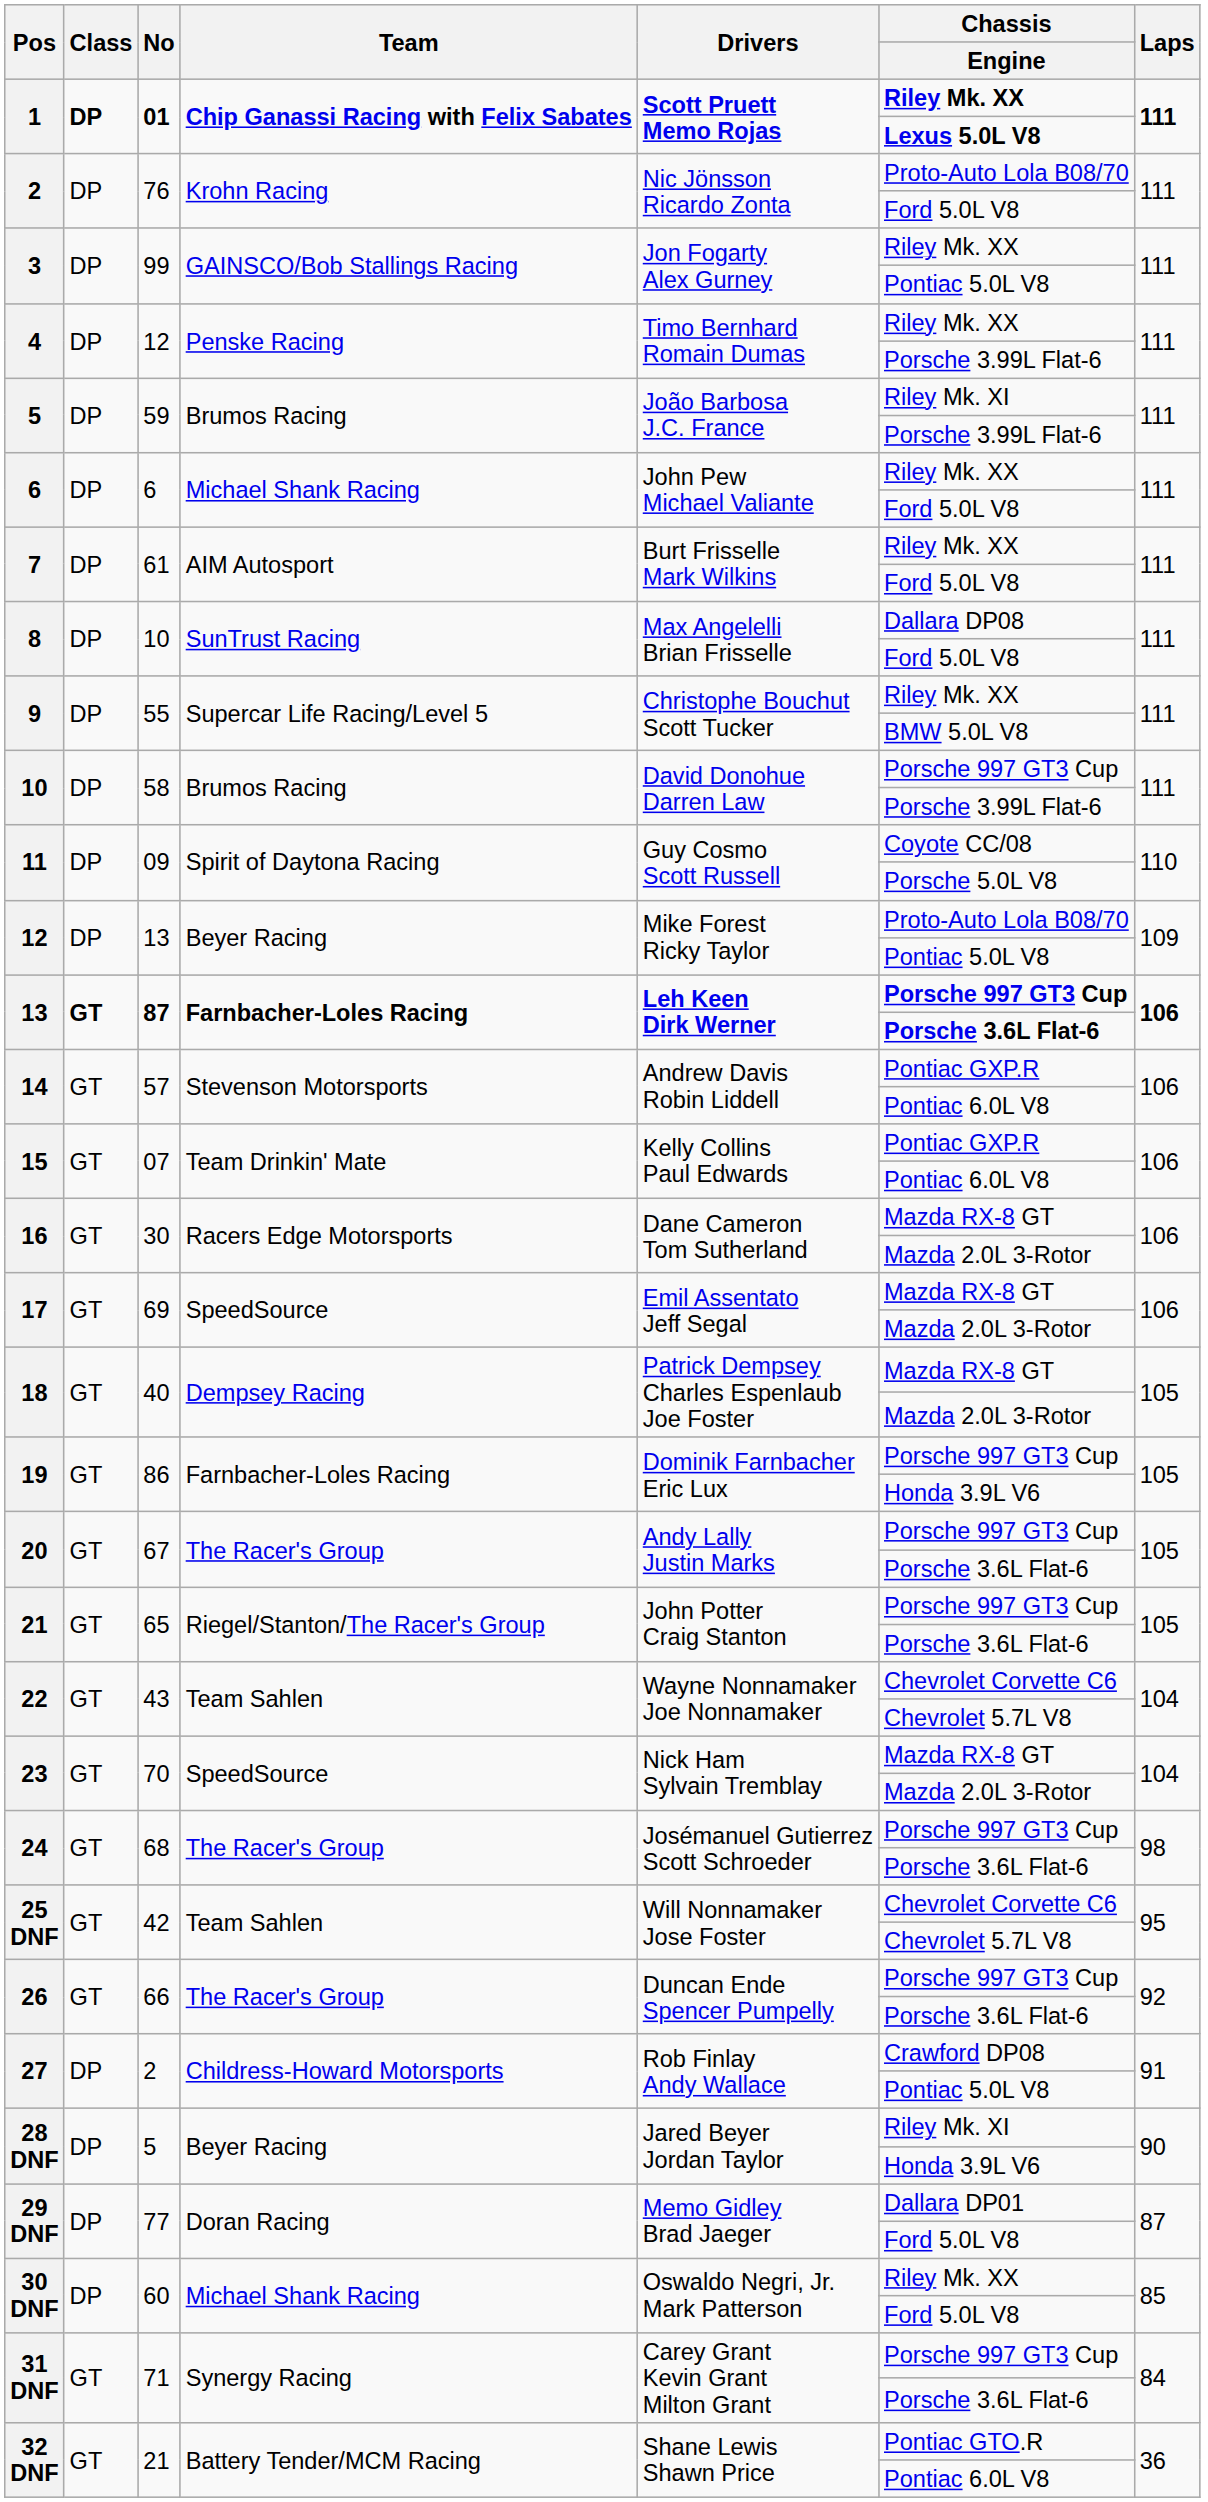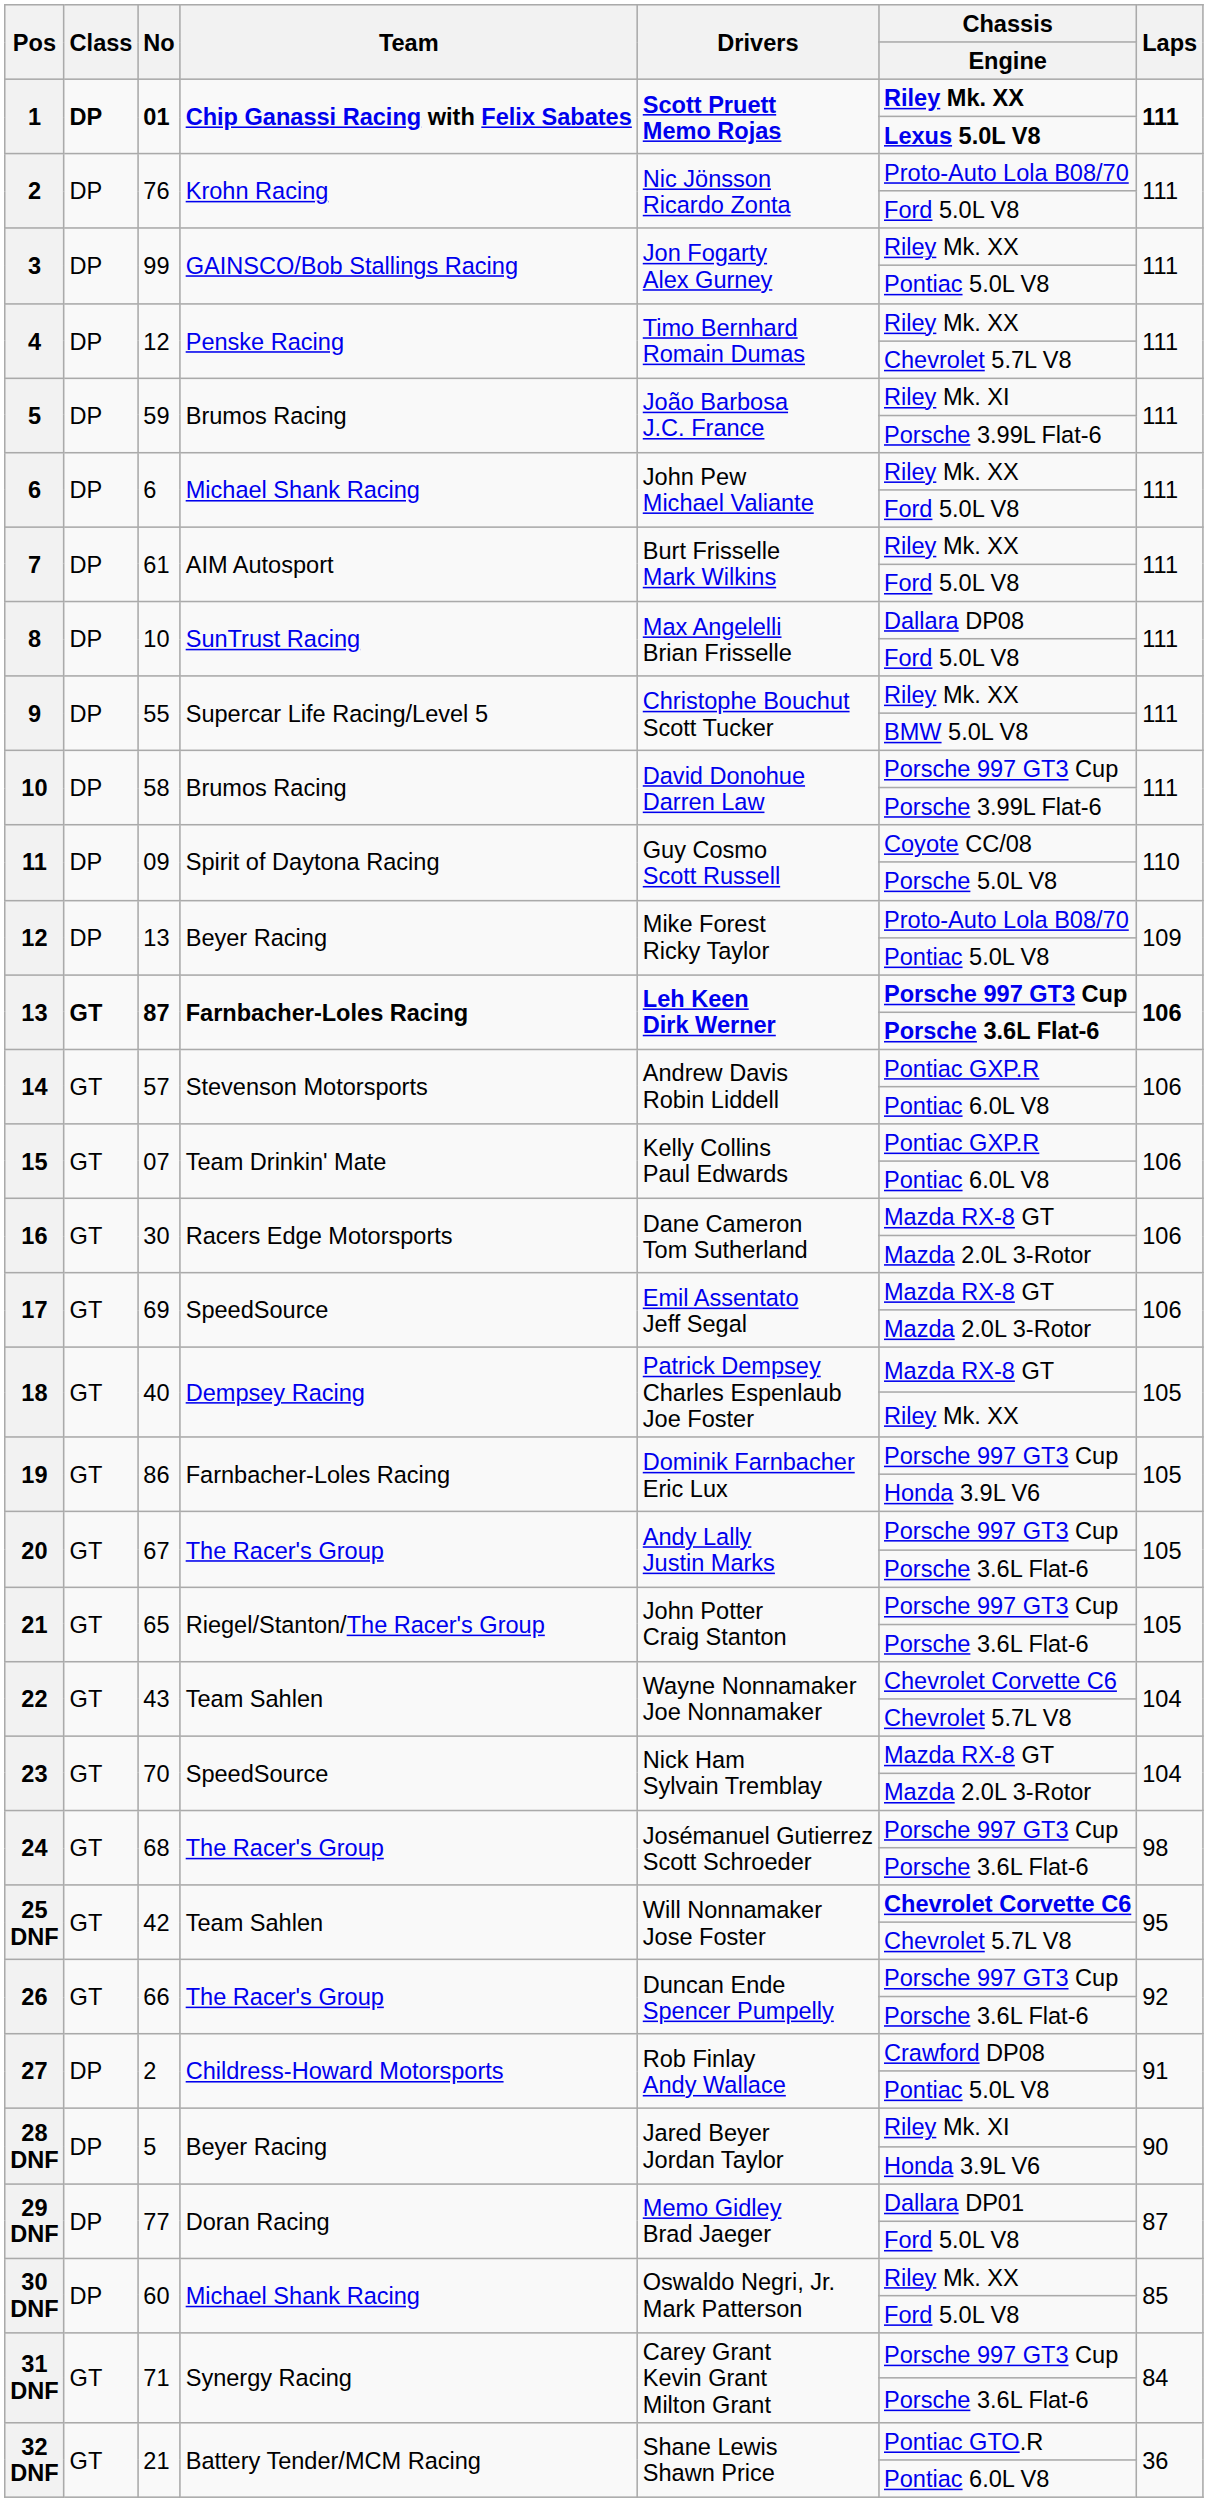 <table class="wikitable" style="font-size: 95%;">
 <tr>
 <th rowspan=2>Pos</th>
 <th rowspan=2>Class</th>
 <th rowspan=2>No</th>
 <th rowspan=2>Team</th>
 <th rowspan=2>Drivers</th>
 <th>Chassis</th>
 <th rowspan=2>Laps</th>
 </tr>
 <tr>
 <th>Engine</th>
 </tr>
 <tr style="font-weight:bold">
 <th rowspan=2>1</th>
 <td rowspan=2>DP</td>
 <td rowspan=2>01</td>
 <td rowspan=2><a href='#'>Chip Ganassi Racing</a> with <a href='#'>Felix Sabates</a></td>
 <td rowspan=2> <a href='#'>Scott Pruett</a><br> <a href='#'>Memo Rojas</a></td>
 <td><a href='#'>Riley</a> Mk. XX</td>
 <td rowspan=2>111</td>
 </tr>
 <tr style="font-weight:bold">
 <td><a href='#'>Lexus</a> 5.0L V8</td>
 </tr>
 <tr>
 <th rowspan=2>2</th>
 <td rowspan=2>DP</td>
 <td rowspan=2>76</td>
 <td rowspan=2><a href='#'>Krohn Racing</a></td>
 <td rowspan=2> <a href='#'>Nic Jönsson</a><br> <a href='#'>Ricardo Zonta</a></td>
 <td><a href='#'>Proto-Auto Lola B08/70</a></td>
 <td rowspan=2>111</td>
 </tr>
 <tr>
 <td><a href='#'>Ford</a> 5.0L V8</td>
 </tr>
 <tr>
 <th rowspan=2>3</th>
 <td rowspan=2>DP</td>
 <td rowspan=2>99</td>
 <td rowspan=2><a href='#'>GAINSCO/Bob Stallings Racing</a></td>
 <td rowspan=2> <a href='#'>Jon Fogarty</a><br> <a href='#'>Alex Gurney</a></td>
 <td><a href='#'>Riley</a> Mk. XX</td>
 <td rowspan=2>111</td>
 </tr>
 <tr>
 <td><a href='#'>Pontiac</a> 5.0L V8</td>
 </tr>
 <tr>
 <th rowspan=2>4</th>
 <td rowspan=2>DP</td>
 <td rowspan=2>12</td>
 <td rowspan=2><a href='#'>Penske Racing</a></td>
 <td rowspan=2> <a href='#'>Timo Bernhard</a><br> <a href='#'>Romain Dumas</a></td>
 <td><a href='#'>Riley</a> Mk. XX</td>
 <td rowspan=2>111</td>
 </tr>
 <tr>
-<td><a href='#'>Porsche</a> 3.99L Flat-6</td>
+<td><a href='#'>Chevrolet</a> 5.7L V8</td>
 </tr>
 <tr>
 <th rowspan=2>5</th>
 <td rowspan=2>DP</td>
 <td rowspan=2>59</td>
 <td rowspan=2>Brumos Racing</td>
 <td rowspan=2> <a href='#'>João Barbosa</a><br> <a href='#'>J.C. France</a></td>
 <td><a href='#'>Riley</a> Mk. XI</td>
 <td rowspan=2>111</td>
 </tr>
 <tr>
 <td><a href='#'>Porsche</a> 3.99L Flat-6</td>
 </tr>
 <tr>
 <th rowspan=2>6</th>
 <td rowspan=2>DP</td>
 <td rowspan=2>6</td>
 <td rowspan=2><a href='#'>Michael Shank Racing</a></td>
 <td rowspan=2> John Pew<br> <a href='#'>Michael Valiante</a></td>
 <td><a href='#'>Riley</a> Mk. XX</td>
 <td rowspan=2>111</td>
 </tr>
 <tr>
 <td><a href='#'>Ford</a> 5.0L V8</td>
 </tr>
 <tr>
 <th rowspan=2>7</th>
 <td rowspan=2>DP</td>
 <td rowspan=2>61</td>
 <td rowspan=2>AIM Autosport</td>
 <td rowspan=2> Burt Frisselle<br> <a href='#'>Mark Wilkins</a></td>
 <td><a href='#'>Riley</a> Mk. XX</td>
 <td rowspan=2>111</td>
 </tr>
 <tr>
 <td><a href='#'>Ford</a> 5.0L V8</td>
 </tr>
 <tr>
 <th rowspan=2>8</th>
 <td rowspan=2>DP</td>
 <td rowspan=2>10</td>
 <td rowspan=2><a href='#'>SunTrust Racing</a></td>
 <td rowspan=2> <a href='#'>Max Angelelli</a><br> Brian Frisselle</td>
 <td><a href='#'>Dallara</a> DP08</td>
 <td rowspan=2>111</td>
 </tr>
 <tr>
 <td><a href='#'>Ford</a> 5.0L V8</td>
 </tr>
 <tr>
 <th rowspan=2>9</th>
 <td rowspan=2>DP</td>
 <td rowspan=2>55</td>
 <td rowspan=2>Supercar Life Racing/Level 5</td>
 <td rowspan=2> <a href='#'>Christophe Bouchut</a><br> Scott Tucker</td>
 <td><a href='#'>Riley</a> Mk. XX</td>
 <td rowspan=2>111</td>
 </tr>
 <tr>
 <td><a href='#'>BMW</a> 5.0L V8</td>
 </tr>
 <tr>
 <th rowspan=2>10</th>
 <td rowspan=2>DP</td>
 <td rowspan=2>58</td>
 <td rowspan=2>Brumos Racing</td>
 <td rowspan=2> <a href='#'>David Donohue</a><br> <a href='#'>Darren Law</a></td>
 <td><a href='#'>Porsche 997 GT3</a> Cup</td>
 <td rowspan=2>111</td>
 </tr>
 <tr>
 <td><a href='#'>Porsche</a> 3.99L Flat-6</td>
 </tr>
 <tr>
 <th rowspan=2>11</th>
 <td rowspan=2>DP</td>
 <td rowspan=2>09</td>
 <td rowspan=2>Spirit of Daytona Racing</td>
 <td rowspan=2> Guy Cosmo<br> <a href='#'>Scott Russell</a></td>
 <td><a href='#'>Coyote</a> CC/08</td>
 <td rowspan=2>110</td>
 </tr>
 <tr>
 <td><a href='#'>Porsche</a> 5.0L V8</td>
 </tr>
 <tr>
 <th rowspan=2>12</th>
 <td rowspan=2>DP</td>
 <td rowspan=2>13</td>
 <td rowspan=2>Beyer Racing</td>
 <td rowspan=2> Mike Forest<br> Ricky Taylor</td>
 <td><a href='#'>Proto-Auto Lola B08/70</a></td>
 <td rowspan=2>109</td>
 </tr>
 <tr>
 <td><a href='#'>Pontiac</a> 5.0L V8</td>
 </tr>
 <tr style="font-weight:bold">
 <th rowspan=2>13</th>
 <td rowspan=2>GT</td>
 <td rowspan=2>87</td>
 <td rowspan=2>Farnbacher-Loles Racing</td>
 <td rowspan=2> <a href='#'>Leh Keen</a><br> <a href='#'>Dirk Werner</a></td>
 <td><a href='#'>Porsche 997 GT3</a> Cup</td>
 <td rowspan=2>106</td>
 </tr>
 <tr style="font-weight:bold">
 <td><a href='#'>Porsche</a> 3.6L Flat-6</td>
 </tr>
 <tr>
 <th rowspan=2>14</th>
 <td rowspan=2>GT</td>
 <td rowspan=2>57</td>
 <td rowspan=2>Stevenson Motorsports</td>
 <td rowspan=2> Andrew Davis<br> Robin Liddell</td>
 <td><a href='#'>Pontiac GXP.R</a></td>
 <td rowspan=2>106</td>
 </tr>
 <tr>
 <td><a href='#'>Pontiac</a> 6.0L V8</td>
 </tr>
 <tr>
 <th rowspan=2>15</th>
 <td rowspan=2>GT</td>
 <td rowspan=2>07</td>
 <td rowspan=2>Team Drinkin' Mate</td>
 <td rowspan=2> Kelly Collins<br> Paul Edwards</td>
 <td><a href='#'>Pontiac GXP.R</a></td>
 <td rowspan=2>106</td>
 </tr>
 <tr>
 <td><a href='#'>Pontiac</a> 6.0L V8</td>
 </tr>
 <tr>
 <th rowspan=2>16</th>
 <td rowspan=2>GT</td>
 <td rowspan=2>30</td>
 <td rowspan=2>Racers Edge Motorsports</td>
 <td rowspan=2> Dane Cameron<br> Tom Sutherland</td>
 <td><a href='#'>Mazda RX-8</a> GT</td>
 <td rowspan=2>106</td>
 </tr>
 <tr>
 <td><a href='#'>Mazda</a> 2.0L 3-Rotor</td>
 </tr>
 <tr>
 <th rowspan=2>17</th>
 <td rowspan=2>GT</td>
 <td rowspan=2>69</td>
 <td rowspan=2>SpeedSource</td>
 <td rowspan=2> <a href='#'>Emil Assentato</a><br> Jeff Segal</td>
 <td><a href='#'>Mazda RX-8</a> GT</td>
 <td rowspan=2>106</td>
 </tr>
 <tr>
 <td><a href='#'>Mazda</a> 2.0L 3-Rotor</td>
 </tr>
 <tr>
 <th rowspan=2>18</th>
 <td rowspan=2>GT</td>
 <td rowspan=2>40</td>
 <td rowspan=2><a href='#'>Dempsey Racing</a></td>
 <td rowspan=2> <a href='#'>Patrick Dempsey</a><br> Charles Espenlaub<br> Joe Foster</td>
 <td><a href='#'>Mazda RX-8</a> GT</td>
 <td rowspan=2>105</td>
 </tr>
 <tr>
-<td><a href='#'>Mazda</a> 2.0L 3-Rotor</td>
+<td><a href='#'>Riley</a> Mk. XX</td>
 </tr>
 <tr>
 <th rowspan=2>19</th>
 <td rowspan=2>GT</td>
 <td rowspan=2>86</td>
 <td rowspan=2>Farnbacher-Loles Racing</td>
 <td rowspan=2> <a href='#'>Dominik Farnbacher</a><br> Eric Lux</td>
 <td><a href='#'>Porsche 997 GT3</a> Cup</td>
 <td rowspan=2>105</td>
 </tr>
 <tr>
 <td><a href='#'>Honda</a> 3.9L V6</td>
 </tr>
 <tr>
 <th rowspan=2>20</th>
 <td rowspan=2>GT</td>
 <td rowspan=2>67</td>
 <td rowspan=2><a href='#'>The Racer's Group</a></td>
 <td rowspan=2> <a href='#'>Andy Lally</a><br> <a href='#'>Justin Marks</a></td>
 <td><a href='#'>Porsche 997 GT3</a> Cup</td>
 <td rowspan=2>105</td>
 </tr>
 <tr>
 <td><a href='#'>Porsche</a> 3.6L Flat-6</td>
 </tr>
 <tr>
 <th rowspan=2>21</th>
 <td rowspan=2>GT</td>
 <td rowspan=2>65</td>
 <td rowspan=2>Riegel/Stanton/<a href='#'>The Racer's Group</a></td>
 <td rowspan=2> John Potter<br> Craig Stanton</td>
 <td><a href='#'>Porsche 997 GT3</a> Cup</td>
 <td rowspan=2>105</td>
 </tr>
 <tr>
 <td><a href='#'>Porsche</a> 3.6L Flat-6</td>
 </tr>
 <tr>
 <th rowspan=2>22</th>
 <td rowspan=2>GT</td>
 <td rowspan=2>43</td>
 <td rowspan=2>Team Sahlen</td>
 <td rowspan=2> Wayne Nonnamaker<br> Joe Nonnamaker</td>
 <td><a href='#'>Chevrolet Corvette C6</a></td>
 <td rowspan=2>104</td>
 </tr>
 <tr>
 <td><a href='#'>Chevrolet</a> 5.7L V8</td>
 </tr>
 <tr>
 <th rowspan=2>23</th>
 <td rowspan=2>GT</td>
 <td rowspan=2>70</td>
 <td rowspan=2>SpeedSource</td>
 <td rowspan=2> Nick Ham<br> Sylvain Tremblay</td>
 <td><a href='#'>Mazda RX-8</a> GT</td>
 <td rowspan=2>104</td>
 </tr>
 <tr>
 <td><a href='#'>Mazda</a> 2.0L 3-Rotor</td>
 </tr>
 <tr>
 <th rowspan=2>24</th>
 <td rowspan=2>GT</td>
 <td rowspan=2>68</td>
 <td rowspan=2><a href='#'>The Racer's Group</a></td>
 <td rowspan=2> Josémanuel Gutierrez<br> Scott Schroeder</td>
 <td><a href='#'>Porsche 997 GT3</a> Cup</td>
 <td rowspan=2>98</td>
 </tr>
 <tr>
 <td><a href='#'>Porsche</a> 3.6L Flat-6</td>
 </tr>
 <tr>
 <th rowspan=2>25<br>DNF</th>
 <td rowspan=2>GT</td>
 <td rowspan=2>42</td>
 <td rowspan=2>Team Sahlen</td>
 <td rowspan=2> Will Nonnamaker<br> Jose Foster</td>
-<td><a href='#'>Chevrolet Corvette C6</a></td>
+<td><strong><a href='#'>Chevrolet Corvette C6</a></strong></td>
 <td rowspan=2>95</td>
 </tr>
 <tr>
 <td><a href='#'>Chevrolet</a> 5.7L V8</td>
 </tr>
 <tr>
 <th rowspan=2>26</th>
 <td rowspan=2>GT</td>
 <td rowspan=2>66</td>
 <td rowspan=2><a href='#'>The Racer's Group</a></td>
 <td rowspan=2> Duncan Ende<br> <a href='#'>Spencer Pumpelly</a></td>
 <td><a href='#'>Porsche 997 GT3</a> Cup</td>
 <td rowspan=2>92</td>
 </tr>
 <tr>
 <td><a href='#'>Porsche</a> 3.6L Flat-6</td>
 </tr>
 <tr>
 <th rowspan=2>27</th>
 <td rowspan=2>DP</td>
 <td rowspan=2>2</td>
 <td rowspan=2><a href='#'>Childress-Howard Motorsports</a></td>
 <td rowspan=2> Rob Finlay<br> <a href='#'>Andy Wallace</a></td>
 <td><a href='#'>Crawford</a> DP08</td>
 <td rowspan=2>91</td>
 </tr>
 <tr>
 <td><a href='#'>Pontiac</a> 5.0L V8</td>
 </tr>
 <tr>
 <th rowspan=2>28<br>DNF</th>
 <td rowspan=2>DP</td>
 <td rowspan=2>5</td>
 <td rowspan=2>Beyer Racing</td>
 <td rowspan=2> Jared Beyer<br> Jordan Taylor</td>
 <td><a href='#'>Riley</a> Mk. XI</td>
 <td rowspan=2>90</td>
 </tr>
 <tr>
 <td><a href='#'>Honda</a> 3.9L V6</td>
 </tr>
 <tr>
 <th rowspan=2>29<br>DNF</th>
 <td rowspan=2>DP</td>
 <td rowspan=2>77</td>
 <td rowspan=2>Doran Racing</td>
 <td rowspan=2> <a href='#'>Memo Gidley</a><br> Brad Jaeger</td>
 <td><a href='#'>Dallara</a> DP01</td>
 <td rowspan=2>87</td>
 </tr>
 <tr>
 <td><a href='#'>Ford</a> 5.0L V8</td>
 </tr>
 <tr>
 <th rowspan=2>30<br>DNF</th>
 <td rowspan=2>DP</td>
 <td rowspan=2>60</td>
 <td rowspan=2><a href='#'>Michael Shank Racing</a></td>
 <td rowspan=2> Oswaldo Negri, Jr.<br> Mark Patterson</td>
 <td><a href='#'>Riley</a> Mk. XX</td>
 <td rowspan=2>85</td>
 </tr>
 <tr>
 <td><a href='#'>Ford</a> 5.0L V8</td>
 </tr>
 <tr>
 <th rowspan=2>31<br>DNF</th>
 <td rowspan=2>GT</td>
 <td rowspan=2>71</td>
 <td rowspan=2>Synergy Racing</td>
 <td rowspan=2> Carey Grant<br> Kevin Grant<br> Milton Grant</td>
 <td><a href='#'>Porsche 997 GT3</a> Cup</td>
 <td rowspan=2>84</td>
 </tr>
 <tr>
 <td><a href='#'>Porsche</a> 3.6L Flat-6</td>
 </tr>
 <tr>
 <th rowspan=2>32<br>DNF</th>
 <td rowspan=2>GT</td>
 <td rowspan=2>21</td>
 <td rowspan=2>Battery Tender/MCM Racing</td>
 <td rowspan=2> Shane Lewis<br> Shawn Price</td>
 <td><a href='#'>Pontiac GTO</a>.R</td>
 <td rowspan=2>36</td>
 </tr>
 <tr>
 <td><a href='#'>Pontiac</a> 6.0L V8</td>
 </tr>
 </table>
